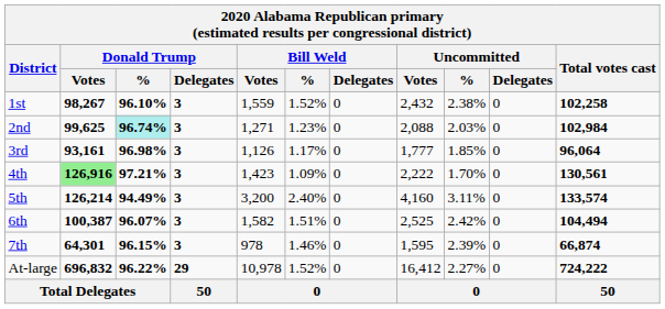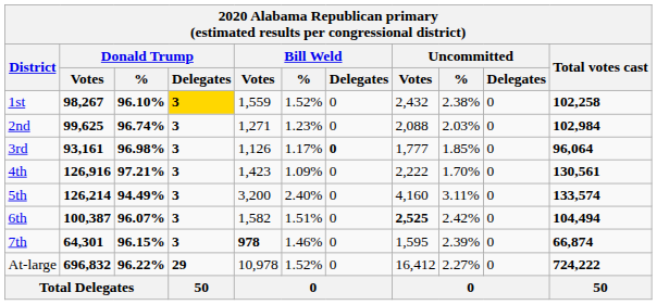 <table class="wikitable sortable mw-collapsible mw-collapsed">
 <tr>
 <th colspan="11">2020 Alabama Republican primary<br>(estimated results per congressional district)</th>
 </tr>
 <tr>
 <th rowspan="2"><a href='#'>District</a></th>
 <th colspan="3"><a href='#'>Donald Trump</a></th>
 <th colspan="3"><a href='#'>Bill Weld</a></th>
 <th colspan="3">Uncommitted</th>
 <th rowspan="2">Total votes cast</th>
 </tr>
 <tr>
 <th>Votes</th>
 <th>%</th>
 <th>Delegates</th>
 <th>Votes</th>
 <th>%</th>
 <th>Delegates</th>
 <th>Votes</th>
 <th>%</th>
 <th>Delegates</th>
 </tr>
 <tr>
 <td><a href='#'>1st</a></td>
 <td><strong>98,267</strong></td>
 <td><strong>96.10%</strong></td>
-<td><strong>3</strong></td>
+<td style="background: gold;"><strong>3</strong></td>
 <td>1,559</td>
 <td>1.52%</td>
 <td>0</td>
 <td>2,432</td>
 <td>2.38%</td>
 <td>0</td>
 <td><strong>102,258</strong></td>
 </tr>
 <tr>
 <td><a href='#'>2nd</a></td>
 <td><strong>99,625</strong></td>
-<td style="background: paleturquoise;"><strong>96.74%</strong></td>
+<td><strong>96.74%</strong></td>
 <td><strong>3</strong></td>
 <td>1,271</td>
 <td>1.23%</td>
 <td>0</td>
 <td>2,088</td>
 <td>2.03%</td>
 <td>0</td>
 <td><strong>102,984</strong></td>
 </tr>
 <tr>
 <td><a href='#'>3rd</a></td>
 <td><strong>93,161</strong></td>
 <td><strong>96.98%</strong></td>
 <td><strong>3</strong></td>
 <td>1,126</td>
 <td>1.17%</td>
-<td>0</td>
+<td><strong>0</strong></td>
 <td>1,777</td>
 <td>1.85%</td>
 <td>0</td>
 <td><strong>96,064</strong></td>
 </tr>
 <tr>
 <td><a href='#'>4th</a></td>
-<td style="background: lightgreen;"><strong>126,916</strong></td>
+<td><strong>126,916</strong></td>
 <td><strong>97.21%</strong></td>
 <td><strong>3</strong></td>
 <td>1,423</td>
 <td>1.09%</td>
 <td>0</td>
 <td>2,222</td>
 <td>1.70%</td>
 <td>0</td>
 <td><strong>130,561</strong></td>
 </tr>
 <tr>
 <td><a href='#'>5th</a></td>
 <td><strong>126,214</strong></td>
 <td><strong>94.49%</strong></td>
 <td><strong>3</strong></td>
 <td>3,200</td>
 <td>2.40%</td>
 <td>0</td>
 <td>4,160</td>
 <td>3.11%</td>
 <td>0</td>
 <td><strong>133,574</strong></td>
 </tr>
 <tr>
 <td><a href='#'>6th</a></td>
 <td><strong>100,387</strong></td>
 <td><strong>96.07%</strong></td>
 <td><strong>3</strong></td>
 <td>1,582</td>
 <td>1.51%</td>
 <td>0</td>
-<td>2,525</td>
+<td><strong>2,525</strong></td>
 <td>2.42%</td>
 <td>0</td>
 <td><strong>104,494</strong></td>
 </tr>
 <tr>
 <td><a href='#'>7th</a></td>
 <td><strong>64,301</strong></td>
 <td><strong>96.15%</strong></td>
 <td><strong>3</strong></td>
-<td>978</td>
+<td><strong>978</strong></td>
 <td>1.46%</td>
 <td>0</td>
 <td>1,595</td>
 <td>2.39%</td>
 <td>0</td>
 <td><strong>66,874</strong></td>
 </tr>
 <tr>
 <td>At-large</td>
 <td><strong>696,832</strong></td>
 <td><strong>96.22%</strong></td>
 <td><strong>29</strong></td>
 <td>10,978</td>
 <td>1.52%</td>
 <td>0</td>
 <td>16,412</td>
 <td>2.27%</td>
 <td>0</td>
 <td><strong>724,222</strong></td>
 </tr>
 <tr>
 <th colspan="3">Total Delegates</th>
 <th>50</th>
 <th colspan="3">0</th>
 <th colspan="3">0</th>
 <th>50</th>
 </tr>
 </table>
